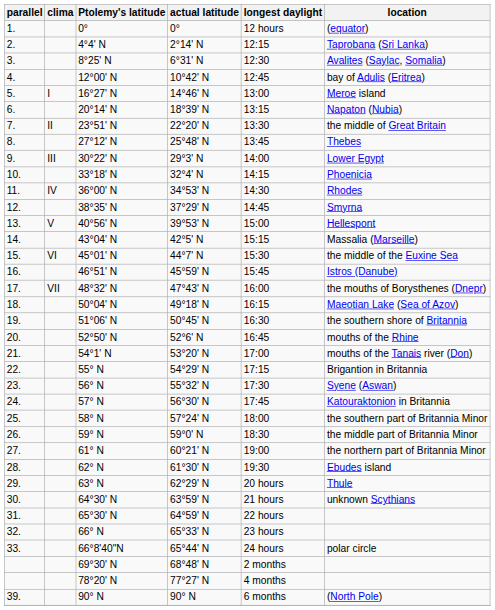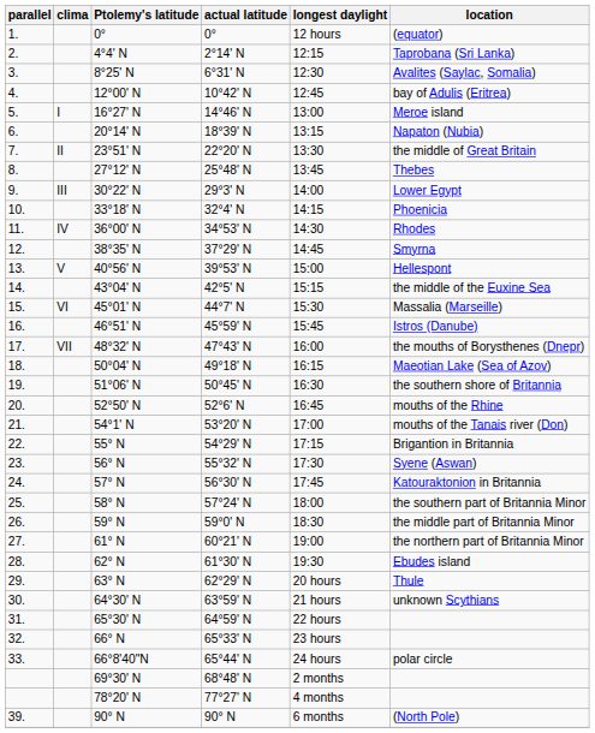 <table class="wikitable">
 <tr>
 <th>parallel</th>
 <th>clima</th>
 <th>Ptolemy's latitude</th>
 <th>actual latitude</th>
 <th>longest daylight</th>
 <th>location</th>
 </tr>
 <tr>
 <td>1.</td>
 <td></td>
 <td>0°</td>
 <td>0°</td>
 <td>12 hours</td>
 <td>(<a href='#'>equator</a>)</td>
 </tr>
 <tr>
 <td>2.</td>
 <td></td>
 <td>4°4' N</td>
 <td>2°14' N</td>
 <td>12:15</td>
 <td><a href='#'>Taprobana</a> (<a href='#'>Sri Lanka</a>)</td>
 </tr>
 <tr>
 <td>3.</td>
 <td></td>
 <td>8°25' N</td>
 <td>6°31' N</td>
 <td>12:30</td>
 <td><a href='#'>Avalites</a> (<a href='#'>Saylac</a>, <a href='#'>Somalia</a>)</td>
 </tr>
 <tr>
 <td>4.</td>
 <td></td>
 <td>12°00' N</td>
 <td>10°42' N</td>
 <td>12:45</td>
 <td>bay of <a href='#'>Adulis</a> (<a href='#'>Eritrea</a>)</td>
 </tr>
 <tr>
 <td>5.</td>
 <td>I</td>
 <td>16°27' N</td>
 <td>14°46' N</td>
 <td>13:00</td>
 <td><a href='#'>Meroe</a> island</td>
 </tr>
 <tr>
 <td>6.</td>
 <td></td>
 <td>20°14' N</td>
 <td>18°39' N</td>
 <td>13:15</td>
 <td><a href='#'>Napaton</a> (<a href='#'>Nubia</a>)</td>
 </tr>
 <tr>
 <td>7.</td>
 <td>II</td>
 <td>23°51' N</td>
 <td>22°20' N</td>
 <td>13:30</td>
 <td>the middle of <a href='#'>Great Britain</a></td>
 </tr>
 <tr>
 <td>8.</td>
 <td></td>
 <td>27°12' N</td>
 <td>25°48' N</td>
 <td>13:45</td>
 <td><a href='#'>Thebes</a></td>
 </tr>
 <tr>
 <td>9.</td>
 <td>III</td>
 <td>30°22' N</td>
 <td>29°3' N</td>
 <td>14:00</td>
 <td><a href='#'>Lower Egypt</a></td>
 </tr>
 <tr>
 <td>10.</td>
 <td></td>
 <td>33°18' N</td>
 <td>32°4' N</td>
 <td>14:15</td>
 <td><a href='#'>Phoenicia</a></td>
 </tr>
 <tr>
 <td>11.</td>
 <td>IV</td>
 <td>36°00' N</td>
 <td>34°53' N</td>
 <td>14:30</td>
 <td><a href='#'>Rhodes</a></td>
 </tr>
 <tr>
 <td>12.</td>
 <td></td>
 <td>38°35' N</td>
 <td>37°29' N</td>
 <td>14:45</td>
 <td><a href='#'>Smyrna</a></td>
 </tr>
 <tr>
 <td>13.</td>
 <td>V</td>
 <td>40°56' N</td>
 <td>39°53' N</td>
 <td>15:00</td>
 <td><a href='#'>Hellespont</a></td>
 </tr>
 <tr>
 <td>14.</td>
 <td></td>
 <td>43°04' N</td>
 <td>42°5' N</td>
 <td>15:15</td>
-<td>Massalia (<a href='#'>Marseille</a>)</td>
+<td>the middle of the <a href='#'>Euxine Sea</a></td>
 </tr>
 <tr>
 <td>15.</td>
 <td>VI</td>
 <td>45°01' N</td>
 <td>44°7' N</td>
 <td>15:30</td>
-<td>the middle of the <a href='#'>Euxine Sea</a></td>
+<td>Massalia (<a href='#'>Marseille</a>)</td>
 </tr>
 <tr>
 <td>16.</td>
 <td></td>
 <td>46°51' N</td>
 <td>45°59' N</td>
 <td>15:45</td>
 <td><a href='#'>Istros (Danube)</a></td>
 </tr>
 <tr>
 <td>17.</td>
 <td>VII</td>
 <td>48°32' N</td>
 <td>47°43' N</td>
 <td>16:00</td>
 <td>the mouths of Borysthenes (<a href='#'>Dnepr</a>)</td>
 </tr>
 <tr>
 <td>18.</td>
 <td></td>
 <td>50°04' N</td>
 <td>49°18' N</td>
 <td>16:15</td>
 <td><a href='#'>Maeotian Lake</a> (<a href='#'>Sea of Azov</a>)</td>
 </tr>
 <tr>
 <td>19.</td>
 <td></td>
 <td>51°06' N</td>
 <td>50°45' N</td>
 <td>16:30</td>
 <td>the southern shore of <a href='#'>Britannia</a></td>
 </tr>
 <tr>
 <td>20.</td>
 <td></td>
 <td>52°50' N</td>
 <td>52°6' N</td>
 <td>16:45</td>
 <td>mouths of the <a href='#'>Rhine</a></td>
 </tr>
 <tr>
 <td>21.</td>
 <td></td>
 <td>54°1' N</td>
 <td>53°20' N</td>
 <td>17:00</td>
 <td>mouths of the <a href='#'>Tanais</a> river (<a href='#'>Don</a>)</td>
 </tr>
 <tr>
 <td>22.</td>
 <td></td>
 <td>55° N</td>
 <td>54°29' N</td>
 <td>17:15</td>
 <td>Brigantion in Britannia</td>
 </tr>
 <tr>
 <td>23.</td>
 <td></td>
 <td>56° N</td>
 <td>55°32' N</td>
 <td>17:30</td>
 <td><a href='#'>Syene</a> (<a href='#'>Aswan</a>)</td>
 </tr>
 <tr>
 <td>24.</td>
 <td></td>
 <td>57° N</td>
 <td>56°30' N</td>
 <td>17:45</td>
 <td><a href='#'>Katouraktonion</a> in Britannia</td>
 </tr>
 <tr>
 <td>25.</td>
 <td></td>
 <td>58° N</td>
 <td>57°24' N</td>
 <td>18:00</td>
 <td>the southern part of Britannia Minor</td>
 </tr>
 <tr>
 <td>26.</td>
 <td></td>
 <td>59° N</td>
 <td>59°0' N</td>
 <td>18:30</td>
 <td>the middle part of Britannia Minor</td>
 </tr>
 <tr>
 <td>27.</td>
 <td></td>
 <td>61° N</td>
 <td>60°21' N</td>
 <td>19:00</td>
 <td>the northern part of Britannia Minor</td>
 </tr>
 <tr>
 <td>28.</td>
 <td></td>
 <td>62° N</td>
 <td>61°30' N</td>
 <td>19:30</td>
 <td><a href='#'>Ebudes</a> island</td>
 </tr>
 <tr>
 <td>29.</td>
 <td></td>
 <td>63° N</td>
 <td>62°29' N</td>
 <td>20 hours</td>
 <td><a href='#'>Thule</a></td>
 </tr>
 <tr>
 <td>30.</td>
 <td></td>
 <td>64°30' N</td>
 <td>63°59' N</td>
 <td>21 hours</td>
 <td>unknown <a href='#'>Scythians</a></td>
 </tr>
 <tr>
 <td>31.</td>
 <td></td>
 <td>65°30' N</td>
 <td>64°59' N</td>
 <td>22 hours</td>
 <td></td>
 </tr>
 <tr>
 <td>32.</td>
 <td></td>
 <td>66° N</td>
 <td>65°33' N</td>
 <td>23 hours</td>
 <td></td>
 </tr>
 <tr>
 <td>33.</td>
 <td></td>
 <td>66°8'40"N</td>
 <td>65°44' N</td>
 <td>24 hours</td>
 <td>polar circle</td>
 </tr>
 <tr>
 <td></td>
 <td></td>
 <td>69°30' N</td>
 <td>68°48' N</td>
 <td>2 months</td>
 <td></td>
 </tr>
 <tr>
 <td></td>
 <td></td>
 <td>78°20' N</td>
 <td>77°27' N</td>
 <td>4 months</td>
 <td></td>
 </tr>
 <tr>
 <td>39.</td>
 <td></td>
 <td>90° N</td>
 <td>90° N</td>
 <td>6 months</td>
 <td>(<a href='#'>North Pole</a>)</td>
 </tr>
 <tr>
 </tr>
 </table>
